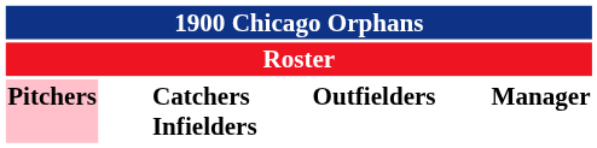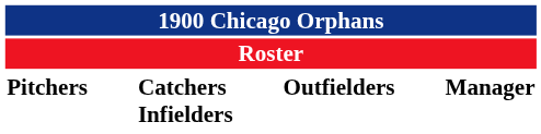 <table class="toccolours" style="font-size: 95%;">
 <tr>
 <th colspan="10" style="background-color: #0e3386; color: white; text-align: center;">1900 Chicago Orphans</th>
 </tr>
 <tr>
 <td colspan="10" style="background-color: #EE1422; color: white; text-align: center;"><strong>Roster</strong></td>
 </tr>
 <tr>
-<td valign="top" style="background: pink;"><strong>Pitchers</strong><br>         </td>
+<td valign="top"><strong>Pitchers</strong><br>         </td>
 <td width="25px"></td>
 <td valign="top"><strong>Catchers</strong><br>      <strong>Infielders</strong>        </td>
 <td width="25px"></td>
 <td valign="top"><strong>Outfielders</strong><br>     </td>
 <td width="25px"></td>
 <td valign="top"><strong>Manager</strong><br></td>
 </tr>
 <tr>
 </tr>
 </table>
